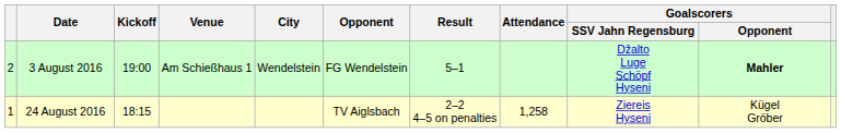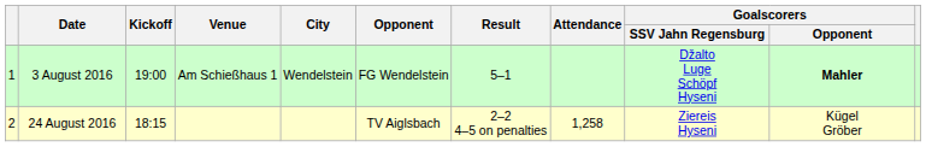 <table class="wikitable" Style="text-align: center;font-size:85%">
 <tr>
 <th rowspan="2"></th>
 <th rowspan="2" style="width:110px">Date</th>
 <th rowspan="2">Kickoff</th>
 <th rowspan="2">Venue</th>
 <th rowspan="2">City</th>
 <th rowspan="2">Opponent</th>
 <th rowspan="2">Result</th>
 <th rowspan="2">Attendance</th>
 <th colspan="2">Goalscorers</th>
 <th rowspan="2"></th>
 </tr>
 <tr>
 <th style="width:150px">SSV Jahn Regensburg</th>
 <th style="width:150px">Opponent</th>
 </tr>
 <tr style="background:#CCFFCC">
-<td>2</td>
+<td>1</td>
 <td>3 August 2016</td>
 <td>19:00</td>
 <td>Am Schießhaus 1</td>
 <td>Wendelstein</td>
 <td>FG Wendelstein</td>
 <td>5–1</td>
 <td></td>
 <td><a href='#'>Džalto</a> <br> <a href='#'>Luge</a> <br> <a href='#'>Schöpf</a> <br> <a href='#'>Hyseni</a> </td>
 <td><strong>Mahler </strong></td>
 <td></td>
 </tr>
 <tr style="background:#FFFFCC">
-<td>1</td>
+<td>2</td>
 <td>24 August 2016</td>
 <td>18:15</td>
 <td></td>
 <td></td>
 <td>TV Aiglsbach</td>
 <td>2–2<br> 4–5 on penalties</td>
 <td>1,258</td>
 <td><a href='#'>Ziereis</a> <br> <a href='#'>Hyseni</a> </td>
 <td>Kügel <br>  Gröber </td>
 <td></td>
 </tr>
 </table>
